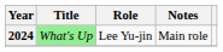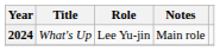 <table class="wikitable plainrowheaders">
 <tr>
 <th scope="col">Year</th>
 <th scope="col">Title</th>
 <th scope="col">Role</th>
 <th scope="col" class="unsortable">Notes</th>
 <th scope="col" class="unsortable"></th>
 </tr>
 <tr>
 <th scope="row">2024</th>
-<td style="background: lightgreen;"><em>What's Up</em></td>
+<td><em>What's Up</em></td>
 <td>Lee Yu-jin</td>
 <td>Main role</td>
 <td></td>
 </tr>
 <tr>
 </tr>
 </table>
